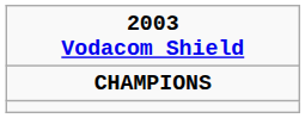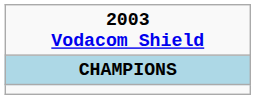 <table class="wikitable" style="text-align: center; margin: 0 auto; width: 20%">
 <tr>
 <td><strong>2003</strong> <br> <strong><a href='#'>Vodacom Shield</a></strong></td>
 </tr>
 <tr>
-<td><strong>CHAMPIONS</strong></td>
+<td style="background: lightblue;"><strong>CHAMPIONS</strong></td>
 </tr>
 <tr>
 <td><strong></strong></td>
 </tr>
 </table>
